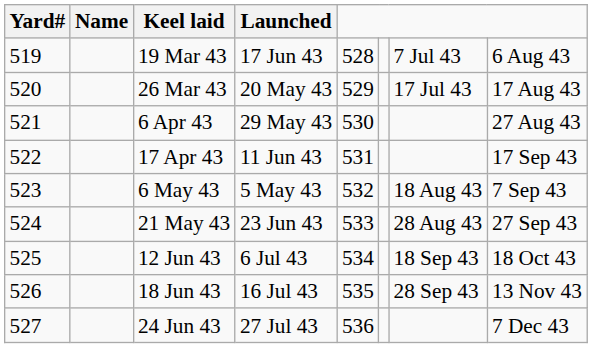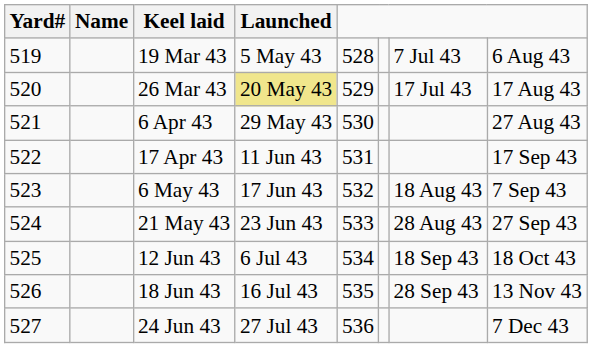 <table class=wikitable>
 <tr>
 <th>Yard#</th>
 <th>Name</th>
 <th>Keel laid</th>
 <th>Launched</th>
 </tr>
 <tr>
 <td>519</td>
 <td></td>
 <td>19 Mar 43</td>
-<td>17 Jun 43</td>
+<td>5 May 43</td>
 <td>528</td>
 <td></td>
 <td>7 Jul 43</td>
 <td>6 Aug 43</td>
 </tr>
 <tr>
 <td>520</td>
 <td></td>
 <td>26 Mar 43</td>
-<td>20 May 43</td>
+<td style="background: khaki;">20 May 43</td>
 <td>529</td>
 <td></td>
 <td>17 Jul 43</td>
 <td>17 Aug 43</td>
 </tr>
 <tr>
 <td>521</td>
 <td></td>
 <td>6 Apr 43</td>
 <td>29 May 43</td>
 <td>530</td>
 <td></td>
 <td></td>
 <td>27 Aug 43</td>
 </tr>
 <tr>
 <td>522</td>
 <td></td>
 <td>17 Apr 43</td>
 <td>11 Jun 43</td>
 <td>531</td>
 <td></td>
 <td></td>
 <td>17 Sep 43</td>
 </tr>
 <tr>
 <td>523</td>
 <td></td>
 <td>6 May 43</td>
-<td>5 May 43</td>
+<td>17 Jun 43</td>
 <td>532</td>
 <td></td>
 <td>18 Aug 43</td>
 <td>7 Sep 43</td>
 </tr>
 <tr>
 <td>524</td>
 <td></td>
 <td>21 May 43</td>
 <td>23 Jun 43</td>
 <td>533</td>
 <td></td>
 <td>28 Aug 43</td>
 <td>27 Sep 43</td>
 </tr>
 <tr>
 <td>525</td>
 <td></td>
 <td>12 Jun 43</td>
 <td>6 Jul 43</td>
 <td>534</td>
 <td></td>
 <td>18 Sep 43</td>
 <td>18 Oct 43</td>
 </tr>
 <tr>
 <td>526</td>
 <td></td>
 <td>18 Jun 43</td>
 <td>16 Jul 43</td>
 <td>535</td>
 <td></td>
 <td>28 Sep 43</td>
 <td>13 Nov 43</td>
 </tr>
 <tr>
 <td>527</td>
 <td></td>
 <td>24 Jun 43</td>
 <td>27 Jul 43</td>
 <td>536</td>
 <td></td>
 <td></td>
 <td>7 Dec 43</td>
 </tr>
 </table>
